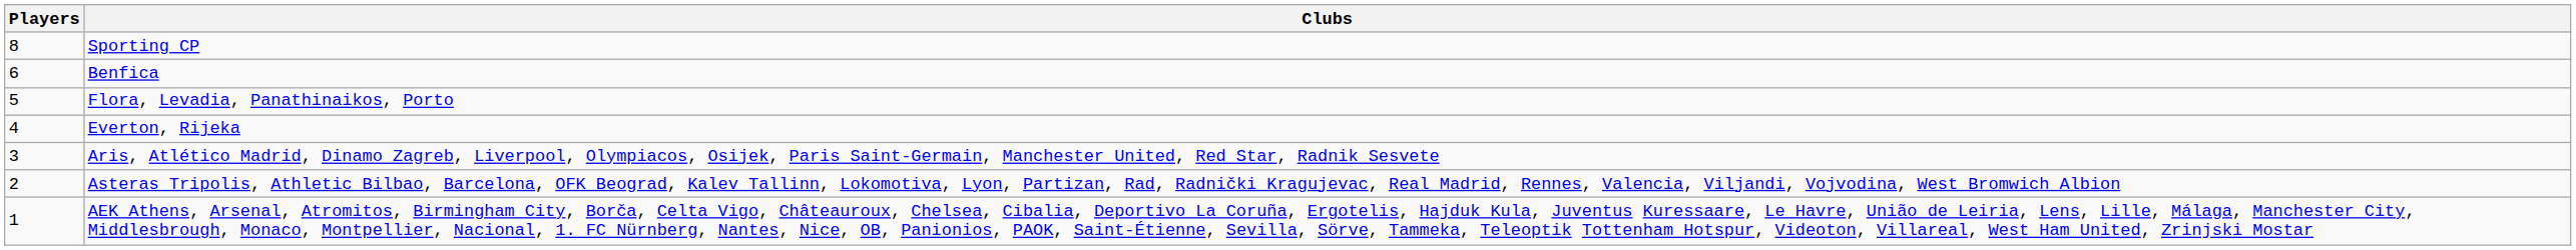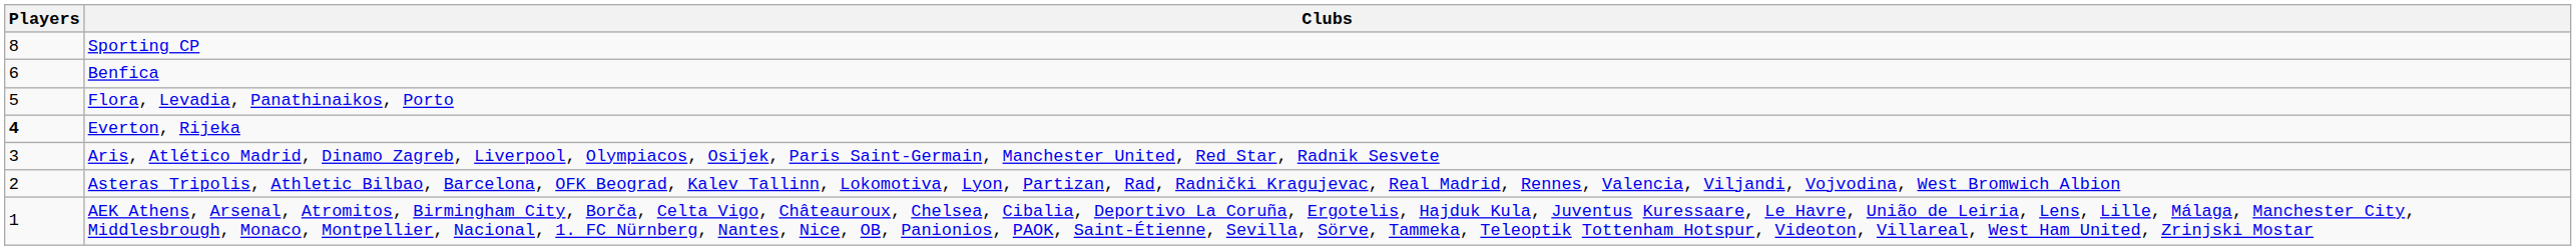 <table class="wikitable">
 <tr>
 <th>Players</th>
 <th>Clubs</th>
 </tr>
 <tr>
 <td>8</td>
 <td> <a href='#'>Sporting CP</a></td>
 </tr>
 <tr>
 <td>6</td>
 <td> <a href='#'>Benfica</a></td>
 </tr>
 <tr>
 <td>5</td>
 <td> <a href='#'>Flora</a>,  <a href='#'>Levadia</a>,  <a href='#'>Panathinaikos</a>,  <a href='#'>Porto</a></td>
 </tr>
 <tr>
-<td>4</td>
+<td><strong>4</strong></td>
 <td> <a href='#'>Everton</a>,  <a href='#'>Rijeka</a></td>
 </tr>
 <tr>
 <td>3</td>
 <td> <a href='#'>Aris</a>,  <a href='#'>Atlético Madrid</a>,  <a href='#'>Dinamo Zagreb</a>,  <a href='#'>Liverpool</a>,  <a href='#'>Olympiacos</a>,  <a href='#'>Osijek</a>,  <a href='#'>Paris Saint-Germain</a>,  <a href='#'>Manchester United</a>,  <a href='#'>Red Star</a>,  <a href='#'>Radnik Sesvete</a></td>
 </tr>
 <tr>
 <td>2</td>
 <td> <a href='#'>Asteras Tripolis</a>,  <a href='#'>Athletic Bilbao</a>,  <a href='#'>Barcelona</a>,  <a href='#'>OFK Beograd</a>,  <a href='#'>Kalev Tallinn</a>,  <a href='#'>Lokomotiva</a>,  <a href='#'>Lyon</a>,  <a href='#'>Partizan</a>,  <a href='#'>Rad</a>,  <a href='#'>Radnički Kragujevac</a>,  <a href='#'>Real Madrid</a>,  <a href='#'>Rennes</a>,  <a href='#'>Valencia</a>,  <a href='#'>Viljandi</a>,  <a href='#'>Vojvodina</a>,  <a href='#'>West Bromwich Albion</a></td>
 </tr>
 <tr>
 <td>1</td>
 <td> <a href='#'>AEK Athens</a>,  <a href='#'>Arsenal</a>,  <a href='#'>Atromitos</a>,  <a href='#'>Birmingham City</a>,  <a href='#'>Borča</a>,  <a href='#'>Celta Vigo</a>,  <a href='#'>Châteauroux</a>,  <a href='#'>Chelsea</a>,  <a href='#'>Cibalia</a>,  <a href='#'>Deportivo La Coruña</a>,  <a href='#'>Ergotelis</a>,  <a href='#'>Hajduk Kula</a>,  <a href='#'>Juventus</a>  <a href='#'>Kuressaare</a>,  <a href='#'>Le Havre</a>,  <a href='#'>União de Leiria</a>,  <a href='#'>Lens</a>,  <a href='#'>Lille</a>,  <a href='#'>Málaga</a>,  <a href='#'>Manchester City</a>,  <a href='#'>Middlesbrough</a>,  <a href='#'>Monaco</a>,  <a href='#'>Montpellier</a>,  <a href='#'>Nacional</a>,  <a href='#'>1. FC Nürnberg</a>,  <a href='#'>Nantes</a>,  <a href='#'>Nice</a>,  <a href='#'>OB</a>,  <a href='#'>Panionios</a>,  <a href='#'>PAOK</a>,  <a href='#'>Saint-Étienne</a>,  <a href='#'>Sevilla</a>,  <a href='#'>Sörve</a>,  <a href='#'>Tammeka</a>,  <a href='#'>Teleoptik</a>  <a href='#'>Tottenham Hotspur</a>,  <a href='#'>Videoton</a>,  <a href='#'>Villareal</a>,  <a href='#'>West Ham United</a>,  <a href='#'>Zrinjski Mostar</a></td>
 </tr>
 </table>
